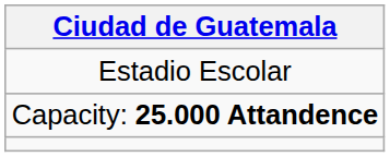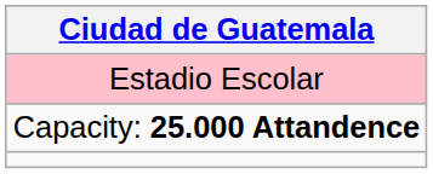 <table class="wikitable" style="text-align:center">
 <tr>
 <th><a href='#'>Ciudad de Guatemala</a></th>
 </tr>
 <tr>
-<td>Estadio Escolar</td>
+<td style="background: pink;">Estadio Escolar</td>
 </tr>
 <tr>
 <td>Capacity: <strong>25.000 Attandence</strong></td>
 </tr>
 <tr>
 <td></td>
 </tr>
 </table>
